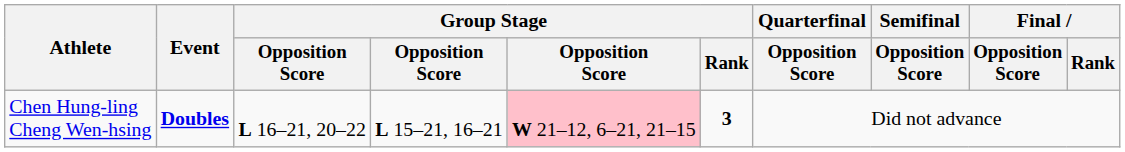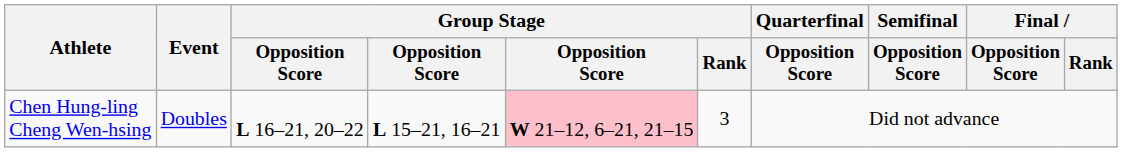 <table class=wikitable style="font-size:90%">
 <tr>
 <th rowspan=2>Athlete</th>
 <th rowspan=2>Event</th>
 <th colspan=4>Group Stage</th>
 <th>Quarterfinal</th>
 <th>Semifinal</th>
 <th colspan=2>Final / </th>
 </tr>
 <tr style="font-size:95%">
 <th>Opposition<br>Score</th>
 <th>Opposition<br>Score</th>
 <th>Opposition<br>Score</th>
 <th>Rank</th>
 <th>Opposition<br>Score</th>
 <th>Opposition<br>Score</th>
 <th>Opposition<br>Score</th>
 <th>Rank</th>
 </tr>
 <tr align=center>
 <td align=left><a href='#'>Chen Hung-ling</a><br><a href='#'>Cheng Wen-hsing</a></td>
-<td align=left><strong><a href='#'>Doubles</a></strong></td>
+<td align=left><a href='#'>Doubles</a></td>
 <td><br><strong>L</strong> 16–21, 20–22</td>
 <td><br><strong>L</strong> 15–21, 16–21</td>
 <td style="background: pink;"><br><strong>W</strong> 21–12, 6–21, 21–15</td>
-<td><strong>3</strong></td>
+<td>3</td>
 <td colspan=4>Did not advance</td>
 </tr>
 </table>
